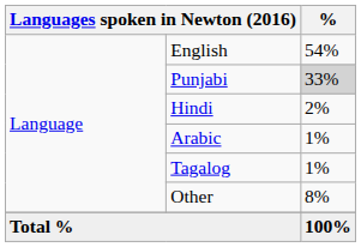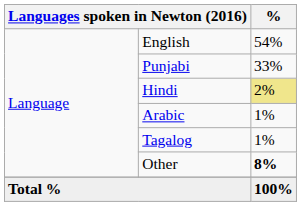 <table class="wikitable">
 <tr>
 <th colspan=2><a href='#'>Languages</a> spoken in Newton (2016)<br></th>
 <th>%</th>
 </tr>
 <tr>
 <td rowspan=6><a href='#'>Language</a></td>
 <td>English</td>
 <td>54%</td>
 </tr>
 <tr>
 <td><a href='#'>Punjabi</a></td>
-<td style="background: lightgrey;">33%</td>
+<td>33%</td>
 </tr>
 <tr>
 <td><a href='#'>Hindi</a></td>
-<td>2%</td>
+<td style="background: khaki;">2%</td>
 </tr>
 <tr>
 <td><a href='#'>Arabic</a></td>
 <td>1%</td>
 </tr>
 <tr>
 <td><a href='#'>Tagalog</a></td>
 <td>1%</td>
 </tr>
 <tr>
 <td>Other</td>
-<td>8%</td>
+<td><strong>8%</strong></td>
 </tr>
 <tr>
 </tr>
 <tr style="background:#efefef; font-weight:bold">
 <td colspan=2>Total %</td>
 <td>100%</td>
 </tr>
 </table>
